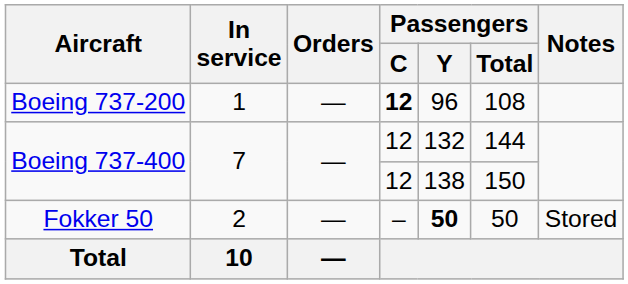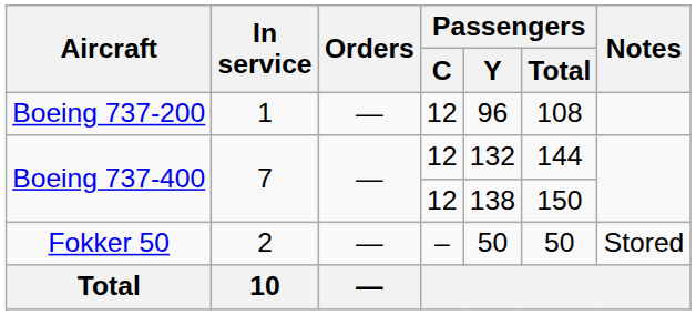 <table class="wikitable" style="margin:0.5em auto; text-align:center">
 <tr>
 <th rowspan=2>Aircraft</th>
 <th rowspan=2>In <br> service</th>
 <th rowspan=2>Orders</th>
 <th colspan=3>Passengers</th>
 <th rowspan=2>Notes</th>
 </tr>
 <tr>
 <th><abbr>C</abbr></th>
 <th><abbr>Y</abbr></th>
 <th>Total</th>
 </tr>
 <tr>
 <td><a href='#'>Boeing 737-200</a></td>
 <td>1</td>
 <td>—</td>
-<td><strong>12</strong></td>
+<td>12</td>
 <td>96</td>
 <td>108</td>
 <td></td>
 </tr>
 <tr>
 <td rowspan=2><a href='#'>Boeing 737-400</a></td>
 <td rowspan=2>7</td>
 <td rowspan=2>—</td>
 <td>12</td>
 <td>132</td>
 <td>144</td>
 <td rowspan=2></td>
 </tr>
 <tr>
 <td>12</td>
 <td>138</td>
 <td>150</td>
 </tr>
 <tr>
 <td><a href='#'>Fokker 50</a></td>
 <td>2</td>
 <td>—</td>
 <td>–</td>
-<td><strong>50</strong></td>
+<td>50</td>
 <td>50</td>
 <td>Stored</td>
 </tr>
 <tr>
 <th>Total</th>
 <th>10</th>
 <th>—</th>
 <th colspan=4></th>
 </tr>
 </table>
